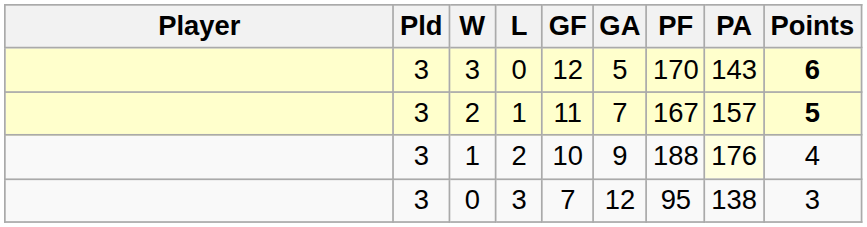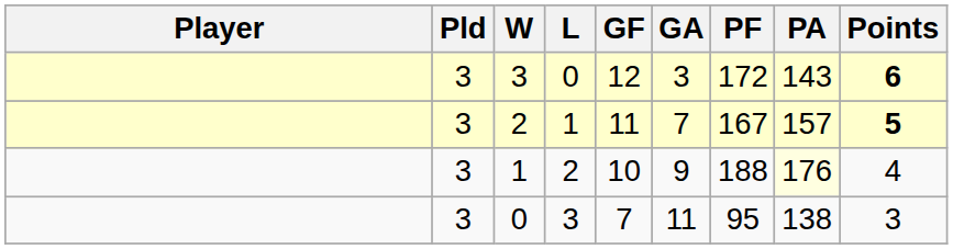 <table class=wikitable style="text-align:center">
 <tr>
 <th width=220>Player</th>
 <th width=20>Pld</th>
 <th width=20>W</th>
 <th width=20>L</th>
 <th width=20>GF</th>
 <th width=20>GA</th>
 <th width=20>PF</th>
 <th width=20>PA</th>
 <th width=50>Points</th>
 </tr>
 <tr bgcolor=#ffffcc>
 <td align=left></td>
 <td>3</td>
 <td>3</td>
 <td>0</td>
 <td>12</td>
-<td>5</td>
-<td>170</td>
+<td>3</td>
+<td>172</td>
 <td>143</td>
 <td><strong>6</strong></td>
 </tr>
 <tr bgcolor=#ffffcc>
 <td align=left></td>
 <td>3</td>
 <td>2</td>
 <td>1</td>
 <td>11</td>
 <td>7</td>
 <td>167</td>
 <td>157</td>
 <td><strong>5</strong></td>
 </tr>
 <tr>
 <td align=left></td>
 <td>3</td>
 <td>1</td>
 <td>2</td>
 <td>10</td>
 <td>9</td>
 <td>188</td>
 <td style="background: lightyellow;">176</td>
 <td>4</td>
 </tr>
 <tr>
 <td align=left></td>
 <td>3</td>
 <td>0</td>
 <td>3</td>
 <td>7</td>
-<td>12</td>
+<td>11</td>
 <td>95</td>
 <td>138</td>
 <td>3</td>
 </tr>
 </table>
